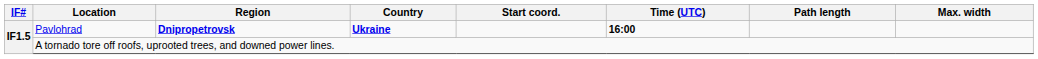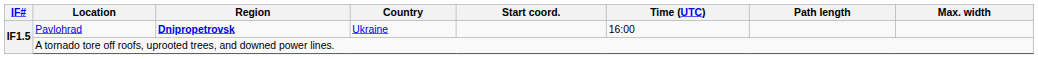 <table class="wikitable sortable" style="width:100%;">
 <tr>
 <th scope="col" width="2%" align="center"><a href='#'>IF#</a></th>
 <th scope="col" align="center" class="unsortable">Location</th>
 <th scope="col" align="center" class="unsortable">Region</th>
 <th scope="col" align="center">Country</th>
 <th scope="col" align="center">Start coord.</th>
 <th scope="col" align="center">Time (<a href='#'>UTC</a>)</th>
 <th scope="col" align="center">Path length</th>
 <th scope="col" align="center">Max. width</th>
 </tr>
 <tr>
 <th scope="row" rowspan="2" style="background-color:#">IF1.5</th>
 <td><a href='#'>Pavlohrad</a></td>
 <td><strong><a href='#'>Dnipropetrovsk</a></strong></td>
-<td><strong><a href='#'>Ukraine</a></strong></td>
+<td><a href='#'>Ukraine</a></td>
 <td></td>
-<td><strong>16:00</strong></td>
+<td>16:00</td>
 <td></td>
 <td></td>
 </tr>
 <tr class="expand-child">
 <td colspan="8" style=" border-bottom: 1px solid black;">A tornado tore off roofs, uprooted trees, and downed power lines.</td>
 </tr>
 </table>
